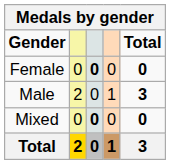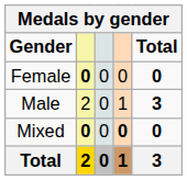 <table class=wikitable style=font-size:85%>
 <tr style="background:#efefef;">
 <th colspan=7><strong>Medals by gender</strong></th>
 </tr>
 <tr align=center>
 <td><strong>Gender</strong></td>
 <td bgcolor=#f7f6a8></td>
 <td bgcolor=#dce5e5></td>
 <td bgcolor=#ffdab9></td>
 <td><strong>Total</strong></td>
 </tr>
 <tr align=center>
 <td>Female</td>
-<td style="background:#F7F6A8;">0</td>
-<td style="background:#DCE5E5;"><strong>0</strong></td>
+<td style="background:#F7F6A8;"><strong>0</strong></td>
+<td style="background:#DCE5E5;">0</td>
 <td style="background:#FFDAB9;">0</td>
 <td><strong>0</strong></td>
 </tr>
 <tr align=center>
 <td>Male</td>
 <td style="background:#F7F6A8;">2</td>
 <td style="background:#DCE5E5;">0</td>
 <td style="background:#FFDAB9;">1</td>
 <td><strong>3</strong></td>
 </tr>
 <tr align=center>
 <td>Mixed</td>
-<td style="background:#F7F6A8;">0</td>
-<td style="background:#DCE5E5;"><strong>0</strong></td>
-<td style="background:#FFDAB9;">0</td>
+<td style="background:#F7F6A8;"><strong>0</strong></td>
+<td style="background:#DCE5E5;">0</td>
+<td style="background:#FFDAB9;"><strong>0</strong></td>
 <td><strong>0</strong></td>
 </tr>
 <tr align=center>
 <th><strong>Total</strong></th>
 <th style="background:gold;"><strong>2</strong></th>
 <th style="background:silver;"><strong>0</strong></th>
 <th style="background:#c96;"><strong>1</strong></th>
 <th><strong>3</strong></th>
 </tr>
 </table>
